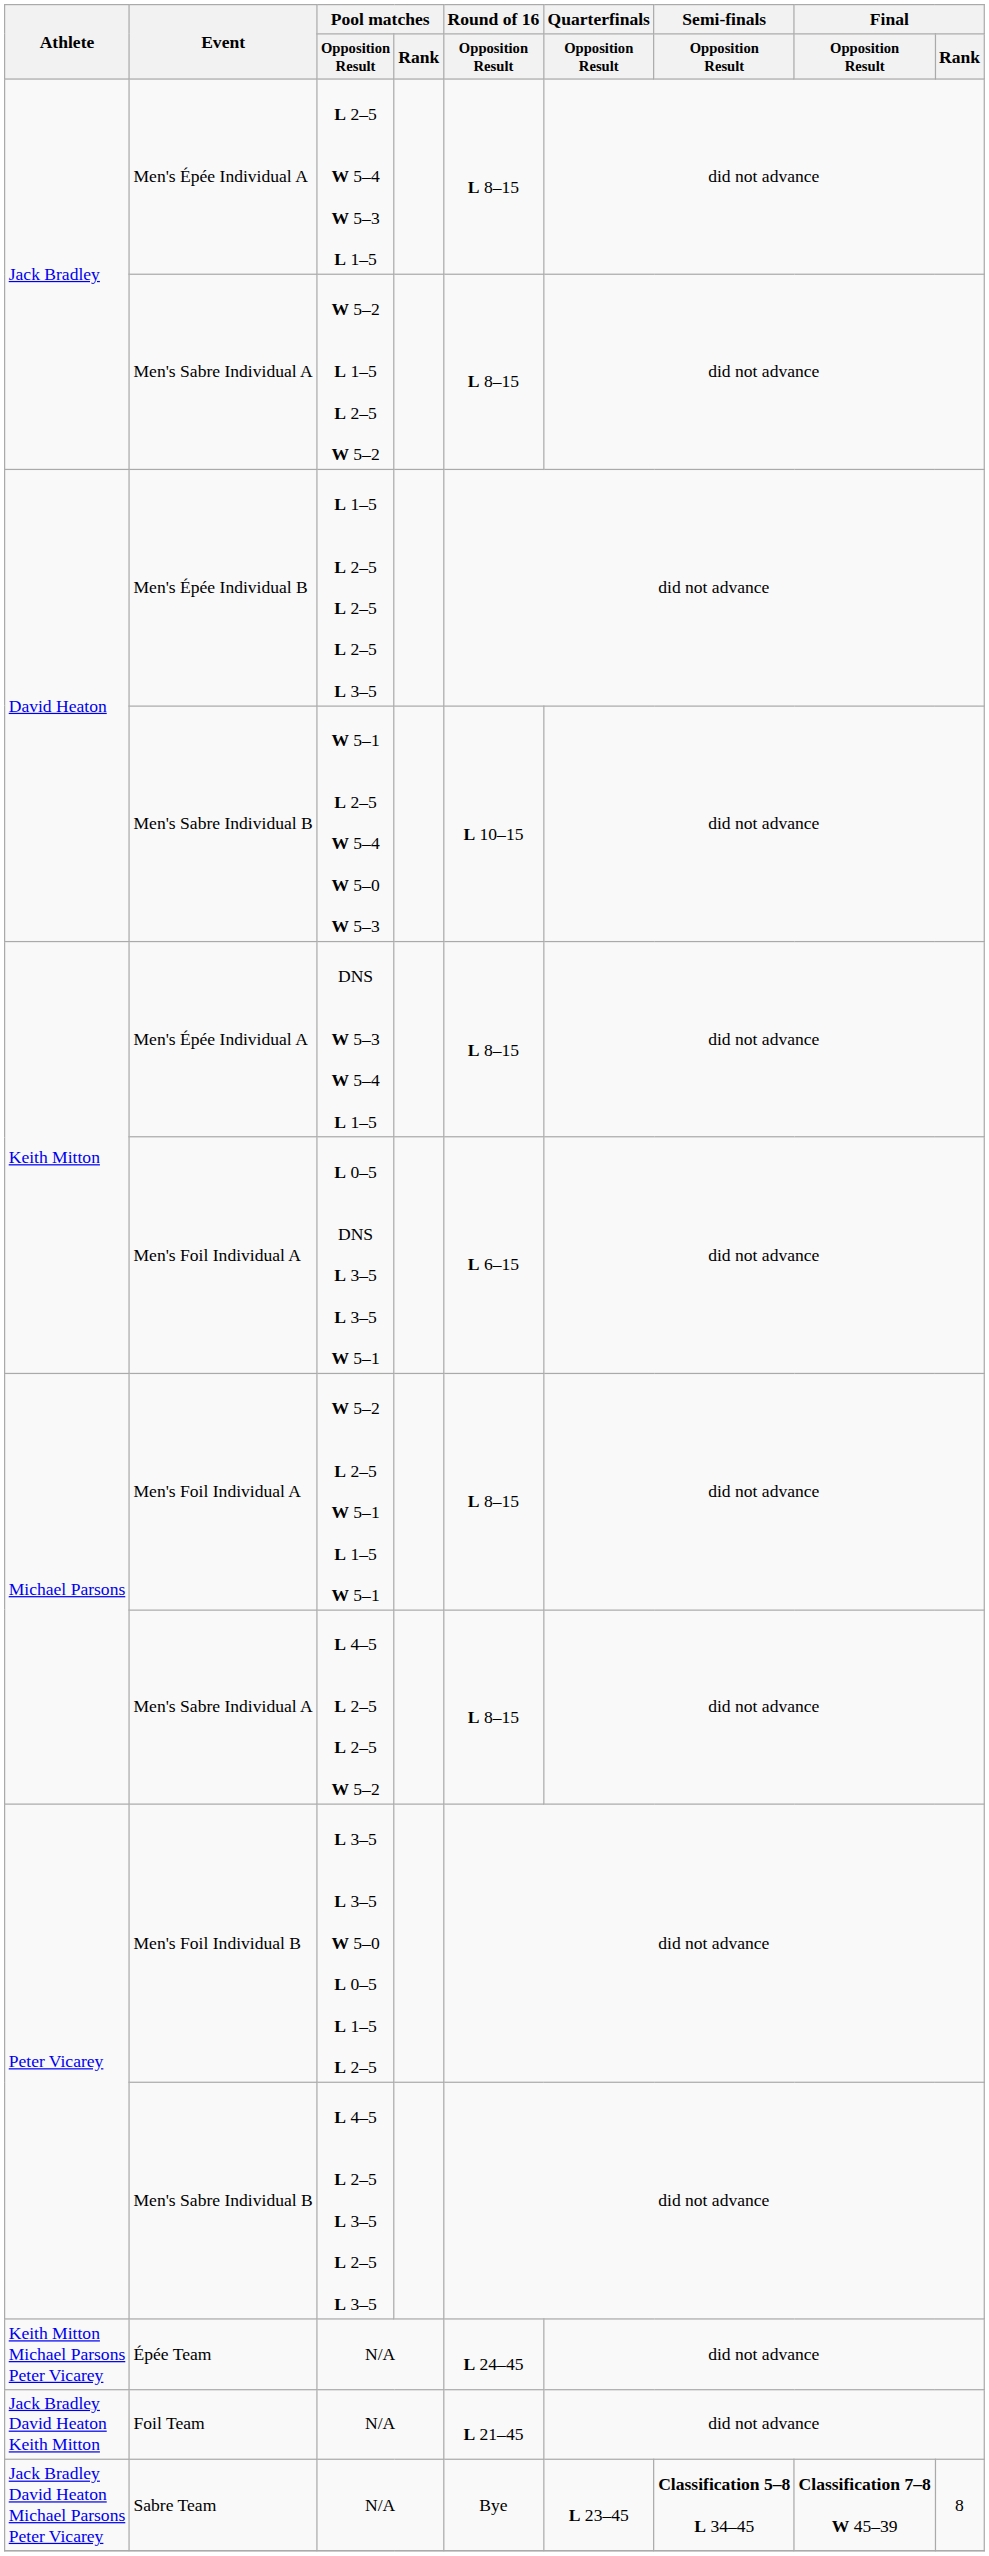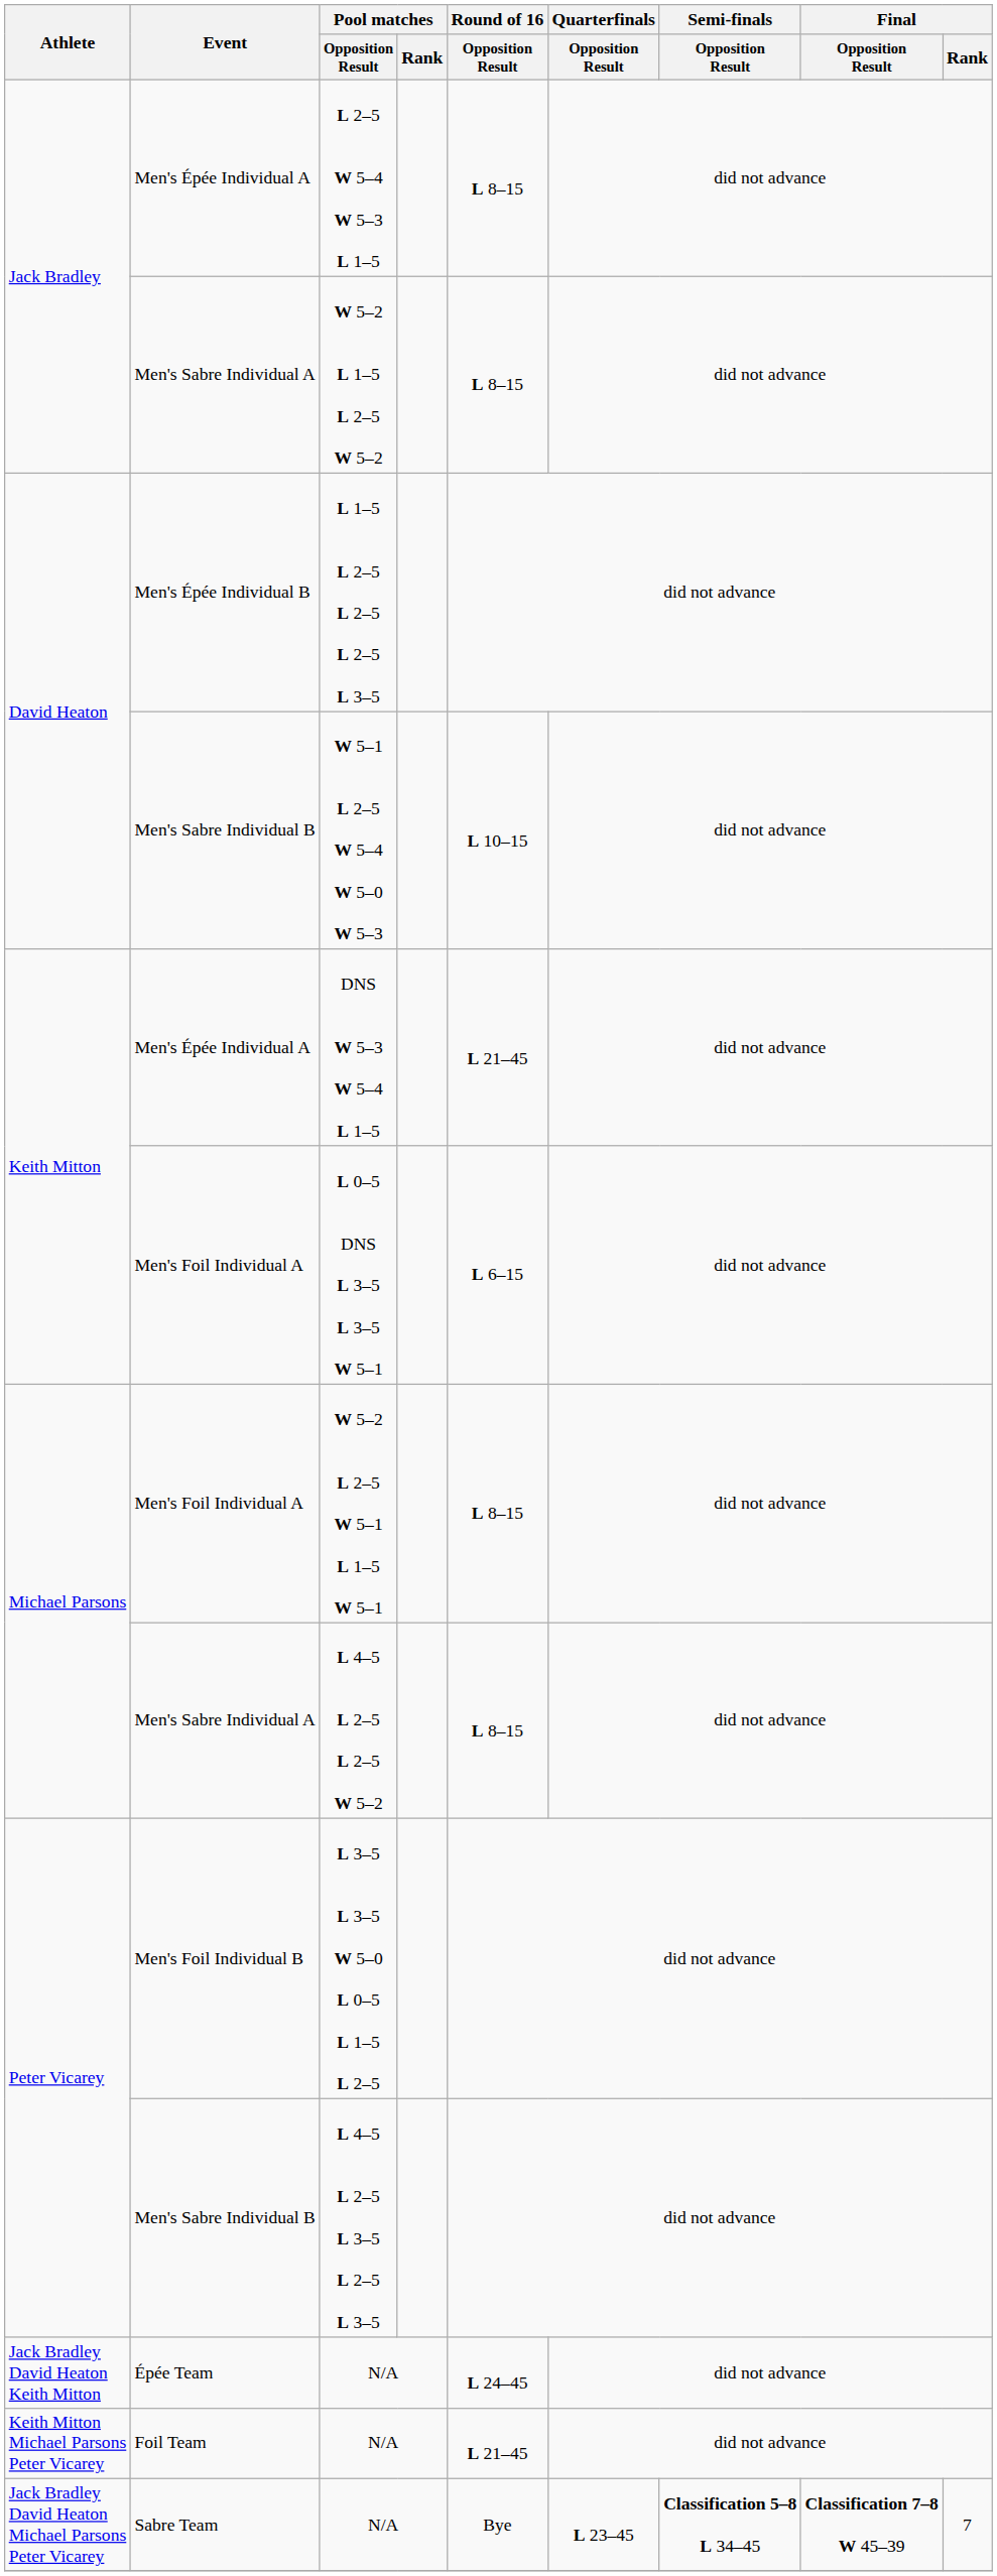 <table class=wikitable style="font-size:90%">
 <tr>
 <th rowspan="2">Athlete</th>
 <th rowspan="2">Event</th>
 <th colspan="2">Pool matches</th>
 <th>Round of 16</th>
 <th>Quarterfinals</th>
 <th>Semi-finals</th>
 <th colspan="2">Final</th>
 </tr>
 <tr>
 <th style="line-height:1em"><small>Opposition<br>Result</small></th>
 <th>Rank</th>
 <th style="line-height:1em"><small>Opposition<br>Result</small></th>
 <th style="line-height:1em"><small>Opposition<br>Result</small></th>
 <th style="line-height:1em"><small>Opposition<br>Result</small></th>
 <th style="line-height:1em"><small>Opposition<br>Result</small></th>
 <th>Rank</th>
 </tr>
 <tr>
 <td rowspan="2"><a href='#'>Jack Bradley</a></td>
 <td>Men's Épée Individual A</td>
 <td align="center"><br> <strong>L</strong> 2–5<br><br><br> <strong>W</strong> 5–4<br> <br> <strong>W</strong> 5–3<br> <br> <strong>L</strong> 1–5</td>
 <td align="center"></td>
 <td align="center"><br><strong>L</strong> 8–15</td>
 <td align="center" colspan="4">did not advance</td>
 </tr>
 <tr>
 <td>Men's Sabre Individual A</td>
 <td align="center"><br> <strong>W</strong> 5–2<br><br><br> <strong>L</strong> 1–5<br> <br> <strong>L</strong> 2–5<br> <br> <strong>W</strong> 5–2</td>
 <td align="center"></td>
 <td align="center"><br><strong>L</strong> 8–15</td>
 <td align="center" colspan="4">did not advance</td>
 </tr>
 <tr>
 <td rowspan="2"><a href='#'>David Heaton</a></td>
 <td>Men's Épée Individual B</td>
 <td align="center"><br> <strong>L</strong> 1–5<br><br><br> <strong>L</strong> 2–5<br> <br> <strong>L</strong> 2–5<br> <br> <strong>L</strong> 2–5<br> <br> <strong>L</strong> 3–5</td>
 <td align="center"></td>
 <td align="center" colspan="5">did not advance</td>
 </tr>
 <tr>
 <td>Men's Sabre Individual B</td>
 <td align="center"><br> <strong>W</strong> 5–1<br><br><br> <strong>L</strong> 2–5<br> <br> <strong>W</strong> 5–4<br> <br> <strong>W</strong> 5–0<br> <br> <strong>W</strong> 5–3<br></td>
 <td align="center"></td>
 <td align="center"><br><strong>L</strong> 10–15</td>
 <td align="center" colspan="4">did not advance</td>
 </tr>
 <tr>
 <td rowspan="2"><a href='#'>Keith Mitton</a></td>
 <td>Men's Épée Individual A</td>
 <td align="center"><br> DNS<br><br><br> <strong>W</strong> 5–3<br> <br> <strong>W</strong> 5–4<br> <br> <strong>L</strong> 1–5</td>
 <td align="center"></td>
-<td align="center"><br><strong>L</strong> 8–15</td>
+<td align="center"><br> <strong>L</strong> 21–45</td>
 <td align="center" colspan="4">did not advance</td>
 </tr>
 <tr>
 <td>Men's Foil Individual A</td>
 <td align="center"><br> <strong>L</strong> 0–5<br><br><br> DNS<br> <br><strong>L</strong> 3–5<br> <br> <strong>L</strong> 3–5<br> <br> <strong>W</strong> 5–1</td>
 <td align="center"></td>
 <td align="center"><br> <strong>L</strong> 6–15</td>
 <td align="center" colspan="4">did not advance</td>
 </tr>
 <tr>
 <td rowspan="2"><a href='#'>Michael Parsons</a></td>
 <td>Men's Foil Individual A</td>
 <td align="center"><br> <strong>W</strong> 5–2<br><br><br> <strong>L</strong> 2–5<br> <br> <strong>W</strong> 5–1<br> <br> <strong>L</strong> 1–5<br> <br> <strong>W</strong> 5–1</td>
 <td align="center"></td>
 <td align="center"><br><strong>L</strong> 8–15</td>
 <td align="center" colspan="4">did not advance</td>
 </tr>
 <tr>
 <td>Men's Sabre Individual A</td>
 <td align="center"><br> <strong>L</strong> 4–5<br><br><br> <strong>L</strong> 2–5<br> <br> <strong>L</strong> 2–5<br> <br> <strong>W</strong> 5–2</td>
 <td align="center"></td>
 <td align="center"><br><strong>L</strong> 8–15</td>
 <td align="center" colspan="4">did not advance</td>
 </tr>
 <tr>
 <td rowspan="2"><a href='#'>Peter Vicarey</a></td>
 <td>Men's Foil Individual B</td>
 <td align="center"><br> <strong>L</strong> 3–5<br><br><br> <strong>L</strong> 3–5<br> <br> <strong>W</strong> 5–0<br> <br> <strong>L</strong> 0–5<br> <br> <strong>L</strong> 1–5<br> <br> <strong>L</strong> 2–5</td>
 <td align="center"></td>
 <td align="center" colspan="5">did not advance</td>
 </tr>
 <tr>
 <td>Men's Sabre Individual B</td>
 <td align="center"><br> <strong>L</strong> 4–5<br><br><br> <strong>L</strong> 2–5<br> <br> <strong>L</strong> 3–5<br> <br> <strong>L</strong> 2–5<br> <br> <strong>L</strong> 3–5<br></td>
 <td align="center"></td>
 <td align="center" colspan="5">did not advance</td>
 </tr>
 <tr>
-<td><a href='#'>Keith Mitton</a><br><a href='#'>Michael Parsons</a><br><a href='#'>Peter Vicarey</a></td>
+<td><a href='#'>Jack Bradley</a><br><a href='#'>David Heaton</a><br><a href='#'>Keith Mitton</a></td>
 <td>Épée Team</td>
 <td colspan="2" align="center">N/A</td>
 <td align="center"><br> <strong>L</strong> 24–45</td>
 <td align="center" colspan="4">did not advance</td>
 </tr>
 <tr>
-<td><a href='#'>Jack Bradley</a><br><a href='#'>David Heaton</a><br><a href='#'>Keith Mitton</a></td>
+<td><a href='#'>Keith Mitton</a><br><a href='#'>Michael Parsons</a><br><a href='#'>Peter Vicarey</a></td>
 <td>Foil Team</td>
 <td colspan="2" align="center">N/A</td>
 <td align="center"><br> <strong>L</strong> 21–45</td>
 <td align="center" colspan="4">did not advance</td>
 </tr>
 <tr>
 <td><a href='#'>Jack Bradley</a><br><a href='#'>David Heaton</a><br><a href='#'>Michael Parsons</a><br><a href='#'>Peter Vicarey</a></td>
 <td>Sabre Team</td>
 <td colspan="2" align="center">N/A</td>
 <td align="center">Bye</td>
 <td align="center"><br> <strong>L</strong> 23–45</td>
 <td align="center"><strong>Classification 5–8</strong><br><br> <strong>L</strong> 34–45</td>
 <td align="center"><strong>Classification 7–8</strong><br><br> <strong>W</strong> 45–39</td>
-<td align="center">8</td>
+<td align="center">7</td>
 </tr>
 <tr>
 </tr>
 </table>
